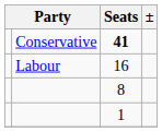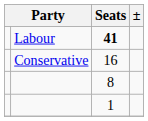 <table class="sortable wikitable">
 <tr>
 <th colspan="2">Party</th>
 <th>Seats</th>
 <th>±</th>
 </tr>
 <tr>
 <td style="background-color: "></td>
-<td><a href='#'>Conservative</a></td>
+<td><a href='#'>Labour</a></td>
 <td align="center"><strong>41</strong></td>
 <td align="center"><strong></strong></td>
 </tr>
 <tr>
 <td style="background-color: "></td>
-<td><a href='#'>Labour</a></td>
+<td><a href='#'>Conservative</a></td>
 <td align="center">16</td>
 <td align="center"></td>
 </tr>
 <tr>
 <td style="background-color: "></td>
 <td><a href='#'></a></td>
 <td align="center">8</td>
 <td align="center"></td>
 </tr>
 <tr>
 <td style="background-color: "></td>
 <td><a href='#'></a></td>
 <td align="center">1</td>
 <td align="center"></td>
 </tr>
 <tr>
 </tr>
 </table>
